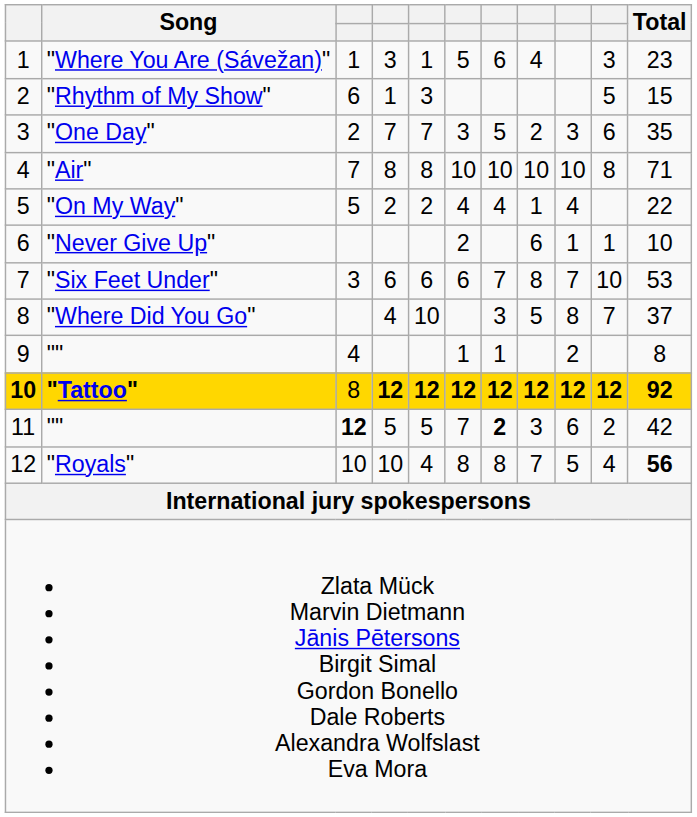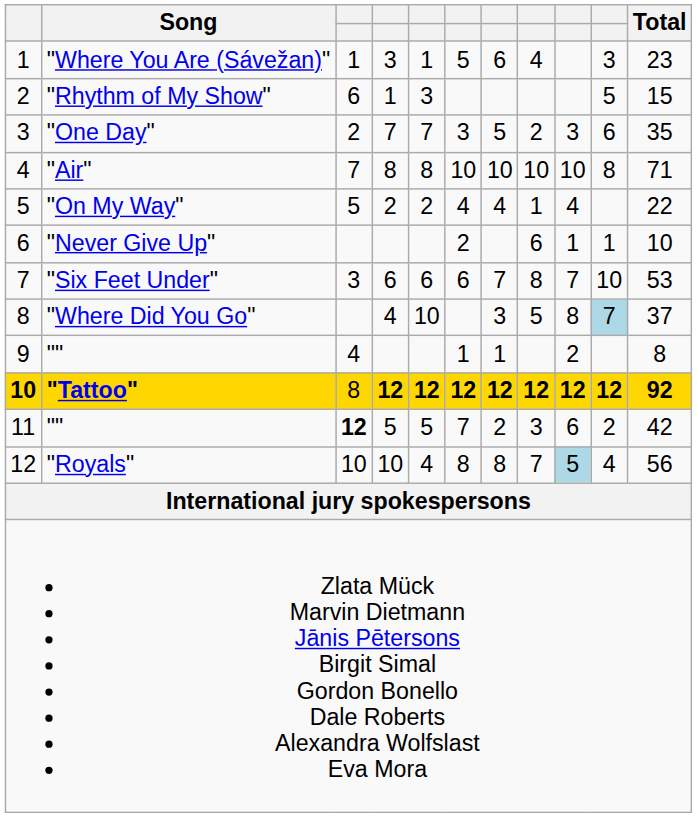 <table class="wikitable" style="margin: 1em auto 1em auto; text-align:center;">
 <tr>
 <th rowspan="2"></th>
 <th rowspan="2">Song</th>
 <th></th>
 <th></th>
 <th></th>
 <th></th>
 <th></th>
 <th></th>
 <th></th>
 <th></th>
 <th rowspan="2">Total</th>
 </tr>
 <tr>
 <th></th>
 <th></th>
 <th></th>
 <th></th>
 <th></th>
 <th></th>
 <th></th>
 <th></th>
 </tr>
 <tr>
 <td>1</td>
 <td align="left">"<a href='#'>Where You Are (<span>Sávežan</span>)</a>"</td>
 <td>1</td>
 <td>3</td>
 <td>1</td>
 <td>5</td>
 <td>6</td>
 <td>4</td>
 <td></td>
 <td>3</td>
 <td>23</td>
 </tr>
 <tr>
 <td>2</td>
 <td align="left">"<a href='#'>Rhythm of My Show</a>"</td>
 <td>6</td>
 <td>1</td>
 <td>3</td>
 <td></td>
 <td></td>
 <td></td>
 <td></td>
 <td>5</td>
 <td>15</td>
 </tr>
 <tr>
 <td>3</td>
 <td align="left">"<a href='#'>One Day</a>"</td>
 <td>2</td>
 <td>7</td>
 <td>7</td>
 <td>3</td>
 <td>5</td>
 <td>2</td>
 <td>3</td>
 <td>6</td>
 <td>35</td>
 </tr>
 <tr>
 <td>4</td>
 <td align="left">"<a href='#'>Air</a>"</td>
 <td>7</td>
 <td>8</td>
 <td>8</td>
 <td>10</td>
 <td>10</td>
 <td>10</td>
 <td>10</td>
 <td>8</td>
 <td>71</td>
 </tr>
 <tr>
 <td>5</td>
 <td align="left">"<a href='#'>On My Way</a>"</td>
 <td>5</td>
 <td>2</td>
 <td>2</td>
 <td>4</td>
 <td>4</td>
 <td>1</td>
 <td>4</td>
 <td></td>
 <td>22</td>
 </tr>
 <tr>
 <td>6</td>
 <td align="left">"<a href='#'>Never Give Up</a>"</td>
 <td></td>
 <td></td>
 <td></td>
 <td>2</td>
 <td></td>
 <td>6</td>
 <td>1</td>
 <td>1</td>
 <td>10</td>
 </tr>
 <tr>
 <td>7</td>
 <td align="left">"<a href='#'>Six Feet Under</a>"</td>
 <td>3</td>
 <td>6</td>
 <td>6</td>
 <td>6</td>
 <td>7</td>
 <td>8</td>
 <td>7</td>
 <td>10</td>
 <td>53</td>
 </tr>
 <tr>
 <td>8</td>
 <td align="left">"<a href='#'>Where Did You Go</a>"</td>
 <td></td>
 <td>4</td>
 <td>10</td>
 <td></td>
 <td>3</td>
 <td>5</td>
 <td>8</td>
-<td>7</td>
+<td style="background: lightblue;">7</td>
 <td>37</td>
 </tr>
 <tr>
 <td>9</td>
 <td align="left">""</td>
 <td>4</td>
 <td></td>
 <td></td>
 <td>1</td>
 <td>1</td>
 <td></td>
 <td>2</td>
 <td></td>
 <td>8</td>
 </tr>
 <tr style="background:gold;">
 <td><strong>10</strong></td>
 <td align="left"><strong>"<a href='#'>Tattoo</a>"</strong></td>
 <td>8</td>
 <td><strong>12</strong></td>
 <td><strong>12</strong></td>
 <td><strong>12</strong></td>
 <td><strong>12</strong></td>
 <td><strong>12</strong></td>
 <td><strong>12</strong></td>
 <td><strong>12</strong></td>
 <td><strong>92</strong></td>
 </tr>
 <tr>
 <td>11</td>
 <td align="left">""</td>
 <td><strong>12</strong></td>
 <td>5</td>
 <td>5</td>
 <td>7</td>
-<td><strong>2</strong></td>
+<td>2</td>
 <td>3</td>
 <td>6</td>
 <td>2</td>
 <td>42</td>
 </tr>
 <tr>
 <td>12</td>
 <td align="left">"<a href='#'>Royals</a>"</td>
 <td>10</td>
 <td>10</td>
 <td>4</td>
 <td>8</td>
 <td>8</td>
 <td>7</td>
-<td>5</td>
+<td style="background: lightblue;">5</td>
 <td>4</td>
-<td><strong>56</strong></td>
+<td>56</td>
 </tr>
 <tr class="sortbottom">
 <th colspan="11">International jury spokespersons</th>
 </tr>
 <tr class="sortbottom">
 <td colspan="11"><br><ul><li>Zlata Mück</li><li>Marvin Dietmann</li><li><a href='#'>Jānis Pētersons</a></li><li>Birgit Simal</li><li>Gordon Bonello</li><li>Dale Roberts</li><li>Alexandra Wolfslast</li><li>Eva Mora</li></ul></td>
 </tr>
 </table>
